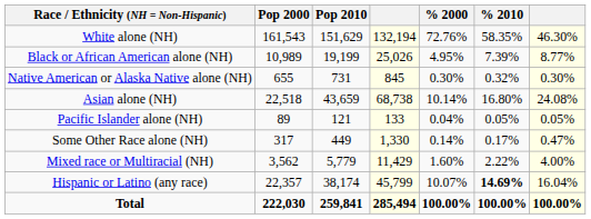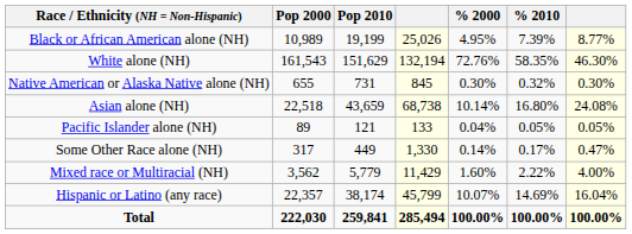 <table class="wikitable" style="text-align:center;">
 <tr>
 <th>Race / Ethnicity <small>(<em>NH = Non-Hispanic</em>)</small></th>
 <th>Pop 2000</th>
 <th>Pop 2010</th>
 <th></th>
 <th>% 2000</th>
 <th>% 2010</th>
 <th></th>
 </tr>
 <tr>
+<td><a href='#'>Black or African American</a> alone (NH)</td>
+<td>10,989</td>
+<td>19,199</td>
+<td style='background: #ffffe6;'>25,026</td>
+<td>4.95%</td>
+<td>7.39%</td>
+<td style='background: #ffffe6;'>8.77%</td>
+</tr>
+<tr>
 <td><a href='#'>White</a> alone (NH)</td>
 <td>161,543</td>
 <td>151,629</td>
 <td style='background: #ffffe6;'>132,194</td>
 <td>72.76%</td>
 <td>58.35%</td>
 <td style='background: #ffffe6;'>46.30%</td>
-</tr>
-<tr>
-<td><a href='#'>Black or African American</a> alone (NH)</td>
-<td>10,989</td>
-<td>19,199</td>
-<td style='background: #ffffe6;'>25,026</td>
-<td>4.95%</td>
-<td>7.39%</td>
-<td style='background: #ffffe6;'>8.77%</td>
 </tr>
 <tr>
 <td><a href='#'>Native American</a> or <a href='#'>Alaska Native</a> alone (NH)</td>
 <td>655</td>
 <td>731</td>
 <td style='background: #ffffe6;'>845</td>
 <td>0.30%</td>
 <td>0.32%</td>
 <td style='background: #ffffe6;'>0.30%</td>
 </tr>
 <tr>
 <td><a href='#'>Asian</a> alone (NH)</td>
 <td>22,518</td>
 <td>43,659</td>
 <td style='background: #ffffe6;'>68,738</td>
 <td>10.14%</td>
 <td>16.80%</td>
 <td style='background: #ffffe6;'>24.08%</td>
 </tr>
 <tr>
 <td><a href='#'>Pacific Islander</a> alone (NH)</td>
 <td>89</td>
 <td>121</td>
 <td style='background: #ffffe6;'>133</td>
 <td>0.04%</td>
 <td>0.05%</td>
 <td style='background: #ffffe6;'>0.05%</td>
 </tr>
 <tr>
 <td>Some Other Race alone (NH)</td>
 <td>317</td>
 <td>449</td>
 <td style='background: #ffffe6;'>1,330</td>
 <td>0.14%</td>
 <td>0.17%</td>
 <td style='background: #ffffe6;'>0.47%</td>
 </tr>
 <tr>
 <td><a href='#'>Mixed race or Multiracial</a> (NH)</td>
 <td>3,562</td>
 <td>5,779</td>
 <td style='background: #ffffe6;'>11,429</td>
 <td>1.60%</td>
 <td>2.22%</td>
 <td style='background: #ffffe6;'>4.00%</td>
 </tr>
 <tr>
 <td><a href='#'>Hispanic or Latino</a> (any race)</td>
 <td>22,357</td>
 <td>38,174</td>
 <td style='background: #ffffe6;'>45,799</td>
 <td>10.07%</td>
-<td><strong>14.69%</strong></td>
+<td>14.69%</td>
 <td style='background: #ffffe6;'>16.04%</td>
 </tr>
 <tr>
 <td><strong>Total</strong></td>
 <td><strong>222,030</strong></td>
 <td><strong>259,841</strong></td>
 <td style='background: #ffffe6;'><strong>285,494</strong></td>
 <td><strong>100.00%</strong></td>
 <td><strong>100.00%</strong></td>
 <td style='background: #ffffe6;'><strong>100.00%</strong></td>
 </tr>
 </table>
